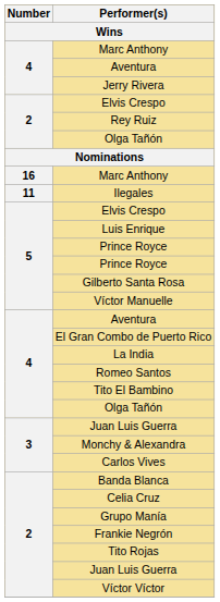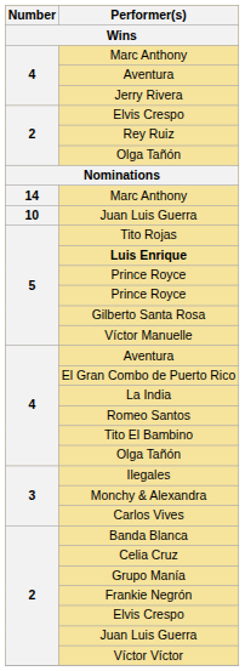 <table class="wikitable" rowspan=2 style="text-align: center; background: #f6e39c">
 <tr>
 <th scope="col" style="width:55px;">Number</th>
 <th scope="col">Performer(s)</th>
 </tr>
 <tr>
 <th colspan="2">Wins</th>
 </tr>
 <tr>
 <th scope="row" rowspan=3>4</th>
 <td>Marc Anthony</td>
 </tr>
 <tr>
 <td>Aventura</td>
 </tr>
 <tr>
 <td>Jerry Rivera</td>
 </tr>
 <tr>
 <th scope="row" rowspan=3>2</th>
 <td>Elvis Crespo</td>
 </tr>
 <tr>
 <td>Rey Ruiz</td>
 </tr>
 <tr>
 <td>Olga Tañón</td>
 </tr>
 <tr>
 <th colspan="2">Nominations</th>
 </tr>
 <tr>
-<th scope="row">16</th>
+<th scope="row">14</th>
 <td>Marc Anthony</td>
 </tr>
 <tr>
-<th scope="row">11</th>
-<td>Ilegales</td>
+<th scope="row">10</th>
+<td>Juan Luis Guerra</td>
 </tr>
 <tr>
 <th scope="row" rowspan=6>5</th>
-<td>Elvis Crespo</td>
+<td>Tito Rojas</td>
 </tr>
 <tr>
-<td>Luis Enrique</td>
+<td><strong>Luis Enrique</strong></td>
 </tr>
 <tr>
 <td>Prince Royce</td>
 </tr>
 <tr>
 <td>Prince Royce</td>
 </tr>
 <tr>
 <td>Gilberto Santa Rosa</td>
 </tr>
 <tr>
 <td>Víctor Manuelle</td>
 </tr>
 <tr>
 <th scope="row" rowspan=6>4</th>
 <td>Aventura</td>
 </tr>
 <tr>
 <td>El Gran Combo de Puerto Rico</td>
 </tr>
 <tr>
 <td>La India</td>
 </tr>
 <tr>
 <td>Romeo Santos</td>
 </tr>
 <tr>
 <td>Tito El Bambino</td>
 </tr>
 <tr>
 <td>Olga Tañón</td>
 </tr>
 <tr>
 <th scope="row" rowspan=3>3</th>
-<td>Juan Luis Guerra</td>
+<td>Ilegales</td>
 </tr>
 <tr>
 <td>Monchy & Alexandra</td>
 </tr>
 <tr>
 <td>Carlos Vives</td>
 </tr>
 <tr>
 <th scope="row" rowspan=7>2</th>
 <td>Banda Blanca</td>
 </tr>
 <tr>
 <td>Celia Cruz</td>
 </tr>
 <tr>
 <td>Grupo Manía</td>
 </tr>
 <tr>
 <td>Frankie Negrón</td>
 </tr>
 <tr>
-<td>Tito Rojas</td>
+<td>Elvis Crespo</td>
 </tr>
 <tr>
 <td>Juan Luis Guerra</td>
 </tr>
 <tr>
 <td>Víctor Víctor</td>
 </tr>
 <tr>
 </tr>
 </table>
